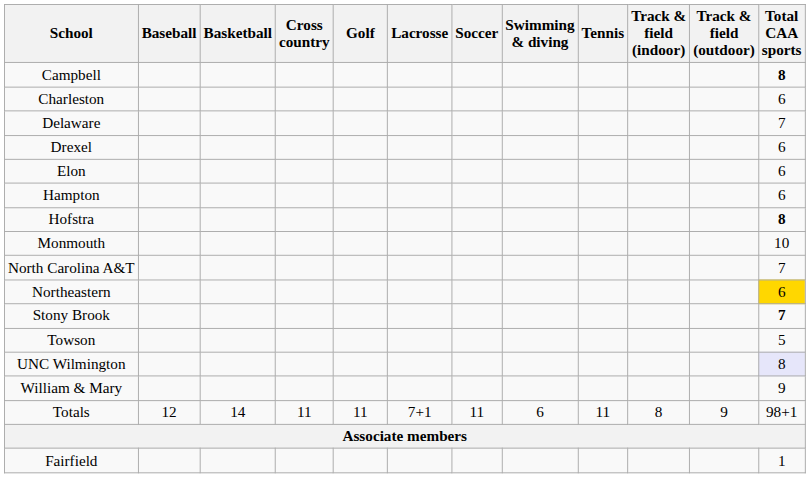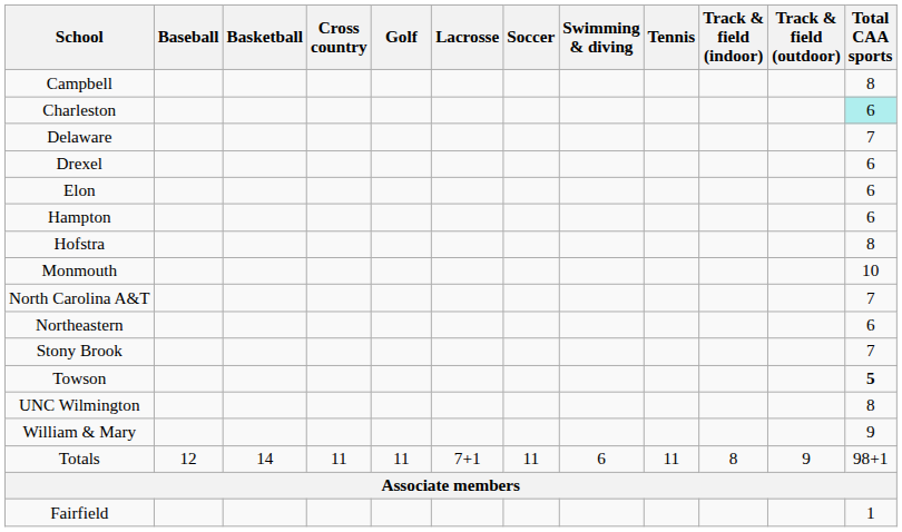 <table class="wikitable" style="text-align: center">
 <tr>
 <th>School</th>
 <th>Baseball</th>
 <th>Basketball</th>
 <th>Cross<br>country</th>
 <th width=50>Golf</th>
 <th>Lacrosse</th>
 <th>Soccer</th>
 <th>Swimming<br>& diving</th>
 <th>Tennis</th>
 <th>Track &<br> field<br>(indoor)</th>
 <th>Track &<br> field<br>(outdoor)</th>
 <th>Total<br>CAA<br>sports</th>
 </tr>
 <tr>
 <td>Campbell</td>
 <td></td>
 <td></td>
 <td></td>
 <td></td>
 <td></td>
 <td></td>
 <td></td>
 <td></td>
 <td></td>
 <td></td>
-<td><strong>8</strong></td>
+<td>8</td>
 </tr>
 <tr>
 <td>Charleston</td>
 <td></td>
 <td></td>
 <td></td>
 <td></td>
 <td></td>
 <td></td>
 <td></td>
 <td></td>
 <td></td>
 <td></td>
-<td>6</td>
+<td style="background: paleturquoise;">6</td>
 </tr>
 <tr>
 <td>Delaware</td>
 <td></td>
 <td></td>
 <td></td>
 <td></td>
 <td></td>
 <td></td>
 <td></td>
 <td></td>
 <td></td>
 <td></td>
 <td>7</td>
 </tr>
 <tr>
 <td>Drexel</td>
 <td></td>
 <td></td>
 <td></td>
 <td></td>
 <td></td>
 <td></td>
 <td></td>
 <td></td>
 <td></td>
 <td></td>
 <td>6</td>
 </tr>
 <tr>
 <td>Elon</td>
 <td></td>
 <td></td>
 <td></td>
 <td></td>
 <td></td>
 <td></td>
 <td></td>
 <td></td>
 <td></td>
 <td></td>
 <td>6</td>
 </tr>
 <tr>
 <td>Hampton</td>
 <td></td>
 <td></td>
 <td></td>
 <td></td>
 <td></td>
 <td></td>
 <td></td>
 <td></td>
 <td></td>
 <td></td>
 <td>6</td>
 </tr>
 <tr>
 <td>Hofstra</td>
 <td></td>
 <td></td>
 <td></td>
 <td></td>
 <td></td>
 <td></td>
 <td></td>
 <td></td>
 <td></td>
 <td></td>
-<td><strong>8</strong></td>
+<td>8</td>
 </tr>
 <tr 11>
 <td>Monmouth</td>
 <td></td>
 <td></td>
 <td></td>
 <td></td>
 <td></td>
 <td></td>
 <td></td>
 <td></td>
 <td></td>
 <td></td>
 <td>10</td>
 </tr>
 <tr>
 <td>North Carolina A&T</td>
 <td></td>
 <td></td>
 <td></td>
 <td></td>
 <td></td>
 <td></td>
 <td></td>
 <td></td>
 <td></td>
 <td></td>
 <td>7</td>
 </tr>
 <tr>
 <td>Northeastern</td>
 <td></td>
 <td></td>
 <td></td>
 <td></td>
 <td></td>
 <td></td>
 <td></td>
 <td></td>
 <td></td>
 <td></td>
-<td style="background: gold;">6</td>
+<td>6</td>
 </tr>
 <tr>
 <td>Stony Brook</td>
 <td></td>
 <td></td>
 <td></td>
 <td></td>
 <td></td>
 <td></td>
 <td></td>
 <td></td>
 <td></td>
 <td></td>
-<td><strong>7</strong></td>
+<td>7</td>
 </tr>
 <tr>
 <td>Towson</td>
 <td></td>
 <td></td>
 <td></td>
 <td></td>
 <td></td>
 <td></td>
 <td></td>
 <td></td>
 <td></td>
 <td></td>
-<td>5</td>
+<td><strong>5</strong></td>
 </tr>
 <tr>
 <td>UNC Wilmington</td>
 <td></td>
 <td></td>
 <td></td>
 <td></td>
 <td></td>
 <td></td>
 <td></td>
 <td></td>
 <td></td>
 <td></td>
-<td style="background: lavender;">8</td>
+<td>8</td>
 </tr>
 <tr>
 <td>William & Mary</td>
 <td></td>
 <td></td>
 <td></td>
 <td></td>
 <td></td>
 <td></td>
 <td></td>
 <td></td>
 <td></td>
 <td></td>
 <td>9</td>
 </tr>
 <tr>
 <td>Totals</td>
 <td>12</td>
 <td>14</td>
 <td>11</td>
 <td>11</td>
 <td>7+1</td>
 <td>11</td>
 <td>6</td>
 <td>11</td>
 <td>8</td>
 <td>9</td>
 <td>98+1</td>
 </tr>
 <tr>
 <th colspan=13>Associate members</th>
 </tr>
 <tr>
 <td>Fairfield</td>
 <td></td>
 <td></td>
 <td></td>
 <td></td>
 <td></td>
 <td></td>
 <td></td>
 <td></td>
 <td></td>
 <td></td>
 <td>1</td>
 </tr>
 </table>
